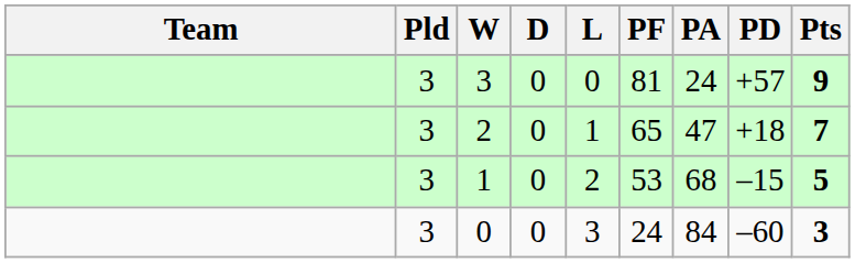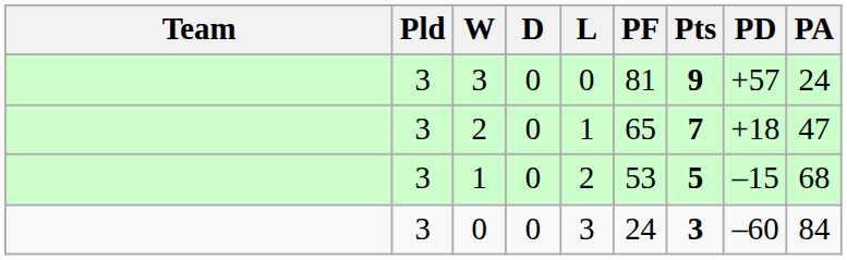 <table class="wikitable" style="text-align:center;">
 <tr>
 <th width=190>Team</th>
 <th width=20 abbr="Played">Pld</th>
 <th width=20 abbr="Won">W</th>
 <th width=20 abbr="Drawn">D</th>
 <th width=20 abbr="Lost">L</th>
 <th width=20 abbr="Points for">PF</th>
+<th width=20 abbr="Points">Pts</th>
+<th width=25 abbr="Points difference">PD</th>
 <th width=20 abbr="Points against">PA</th>
-<th width=25 abbr="Points difference">PD</th>
-<th width=20 abbr="Points">Pts</th>
 </tr>
 <tr style="background:#ccffcc">
 <td align=left></td>
 <td>3</td>
 <td>3</td>
 <td>0</td>
 <td>0</td>
 <td>81</td>
+<td><strong>9</strong></td>
+<td>+57</td>
 <td>24</td>
-<td>+57</td>
-<td><strong>9</strong></td>
 </tr>
 <tr style="background:#ccffcc">
 <td align=left></td>
 <td>3</td>
 <td>2</td>
 <td>0</td>
 <td>1</td>
 <td>65</td>
+<td><strong>7</strong></td>
+<td>+18</td>
 <td>47</td>
-<td>+18</td>
-<td><strong>7</strong></td>
 </tr>
 <tr style="background:#ccffcc">
 <td align=left></td>
 <td>3</td>
 <td>1</td>
 <td>0</td>
 <td>2</td>
 <td>53</td>
+<td><strong>5</strong></td>
+<td>–15</td>
 <td>68</td>
-<td>–15</td>
-<td><strong>5</strong></td>
 </tr>
 <tr>
 <td align=left></td>
 <td>3</td>
 <td>0</td>
 <td>0</td>
 <td>3</td>
 <td>24</td>
+<td><strong>3</strong></td>
+<td>–60</td>
 <td>84</td>
-<td>–60</td>
-<td><strong>3</strong></td>
 </tr>
 </table>
